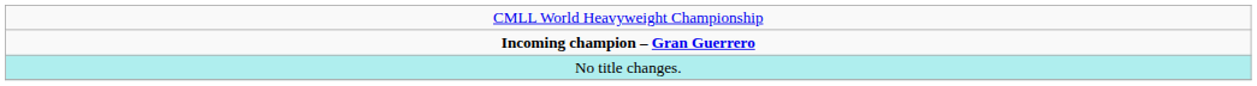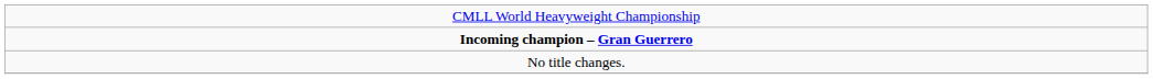 <table class="wikitable" style="text-align:center; width:100%;">
 <tr>
 <td colspan="5" style="text-align: center;"><a href='#'>CMLL World Heavyweight Championship</a></td>
 </tr>
 <tr>
 <td colspan="5" style="text-align: center;"><strong>Incoming champion – <a href='#'>Gran Guerrero</a></strong></td>
 </tr>
 <tr>
-<td style="background: paleturquoise;">No title changes.</td>
+<td>No title changes.</td>
 </tr>
 <tr>
 </tr>
 </table>
